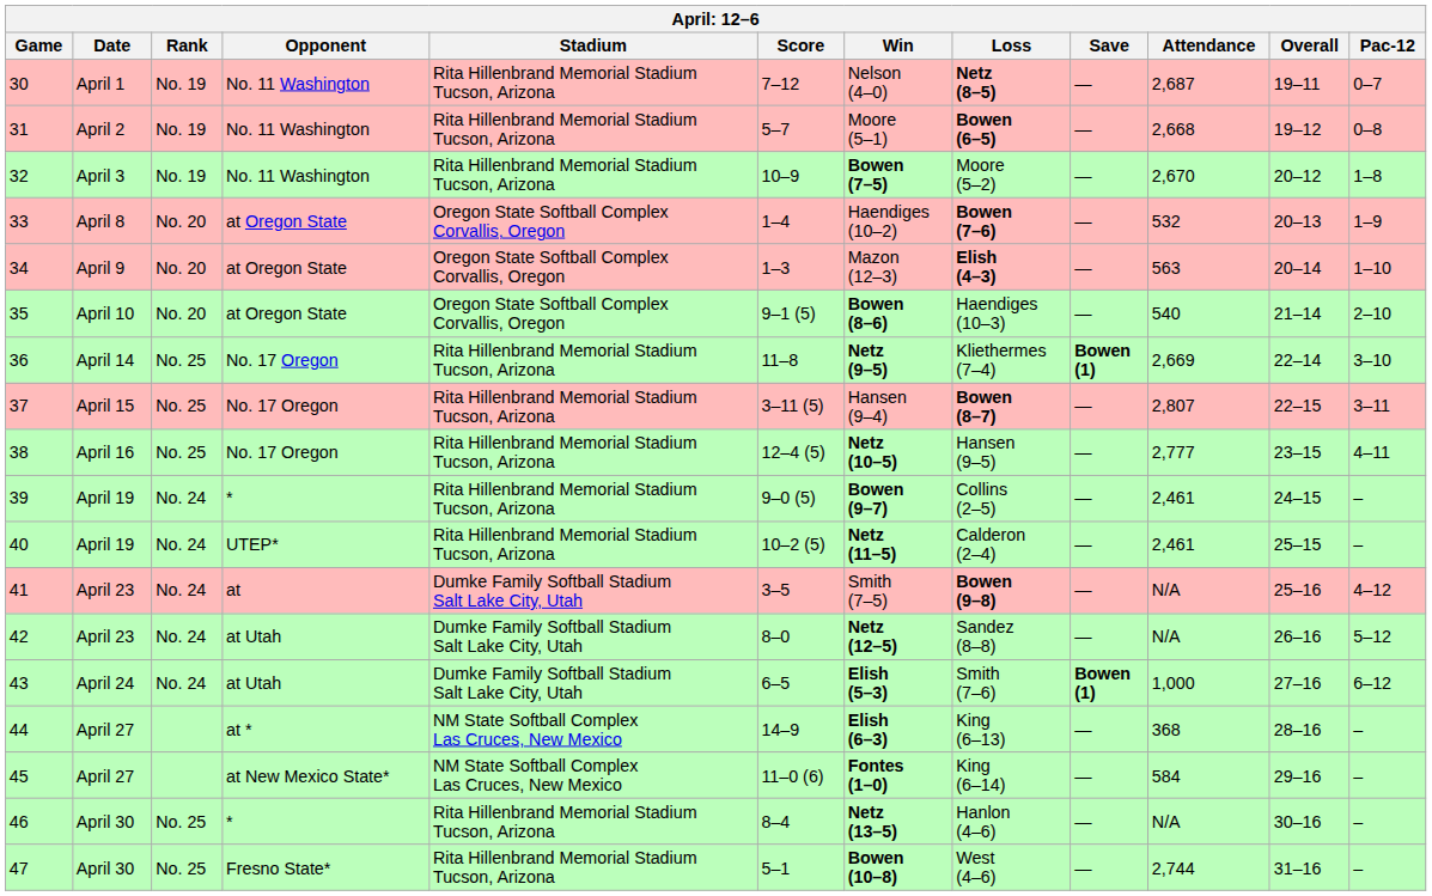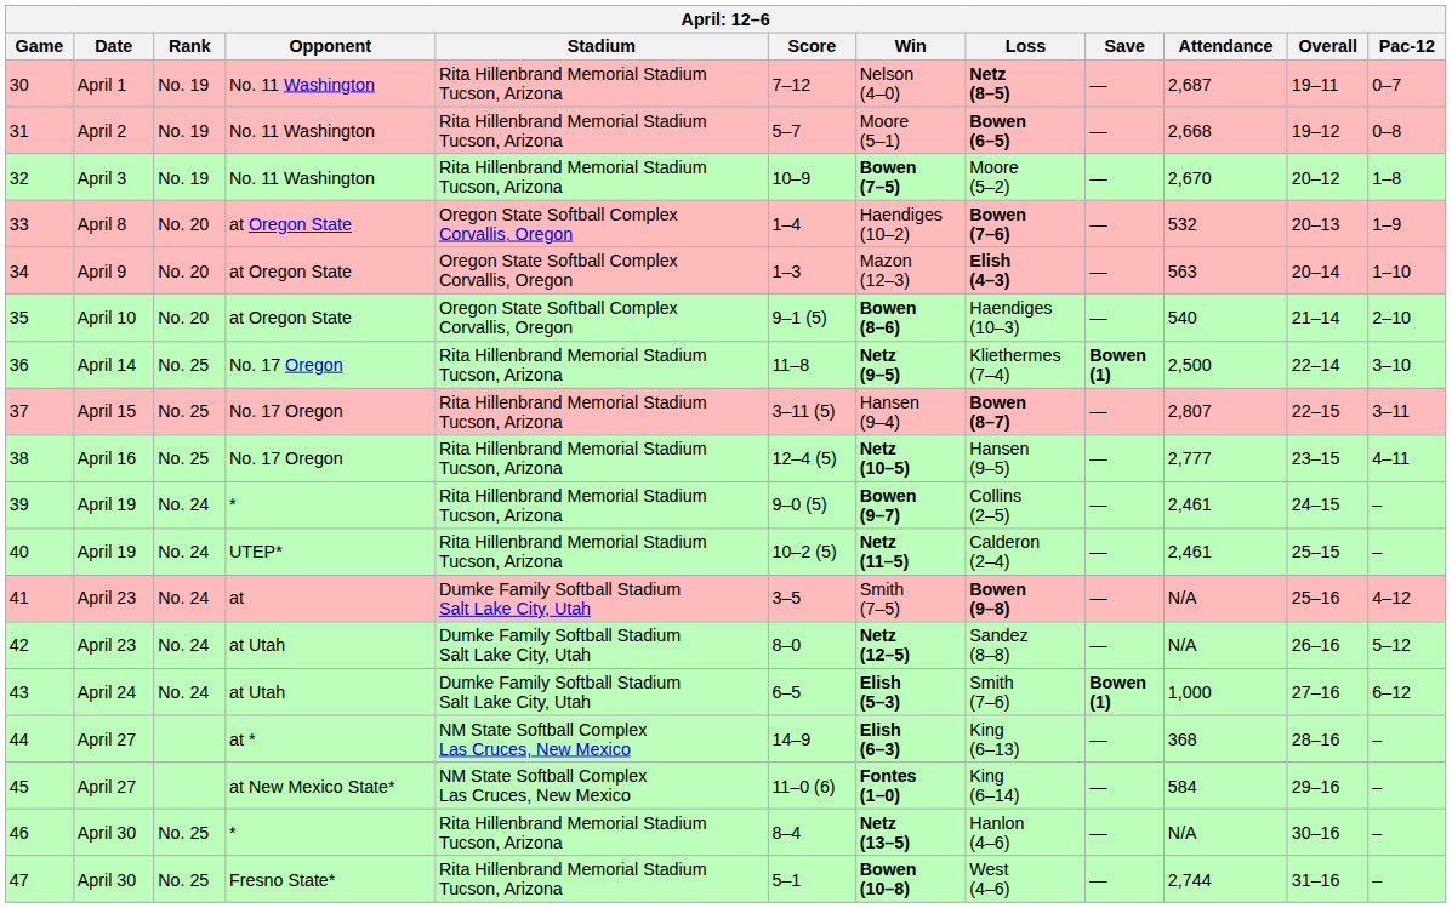 <table class="wikitable collapsible collapsed" style="margin:auto; font-size:95%; width:100%">
 <tr>
 <th colspan=12>April: 12–6</th>
 </tr>
 <tr>
 <th>Game</th>
 <th>Date</th>
 <th>Rank</th>
 <th>Opponent</th>
 <th>Stadium</th>
 <th>Score</th>
 <th>Win</th>
 <th>Loss</th>
 <th>Save</th>
 <th>Attendance</th>
 <th>Overall</th>
 <th>Pac-12</th>
 </tr>
 <tr style="background:#fbb;">
 <td>30</td>
 <td>April 1</td>
 <td>No. 19</td>
 <td>No. 11 <a href='#'>Washington</a></td>
 <td>Rita Hillenbrand Memorial Stadium<br>Tucson, Arizona</td>
 <td>7–12</td>
 <td>Nelson<br>(4–0)</td>
 <td><strong>Netz<br>(8–5)</strong></td>
 <td>—</td>
 <td>2,687</td>
 <td>19–11</td>
 <td>0–7</td>
 </tr>
 <tr style="background:#fbb;">
 <td>31</td>
 <td>April 2</td>
 <td>No. 19</td>
 <td>No. 11 Washington</td>
 <td>Rita Hillenbrand Memorial Stadium<br>Tucson, Arizona</td>
 <td>5–7</td>
 <td>Moore<br>(5–1)</td>
 <td><strong>Bowen<br>(6–5)</strong></td>
 <td>—</td>
 <td>2,668</td>
 <td>19–12</td>
 <td>0–8</td>
 </tr>
 <tr style="background:#bfb;">
 <td>32</td>
 <td>April 3</td>
 <td>No. 19</td>
 <td>No. 11 Washington</td>
 <td>Rita Hillenbrand Memorial Stadium<br>Tucson, Arizona</td>
 <td>10–9</td>
 <td><strong>Bowen<br>(7–5)</strong></td>
 <td>Moore<br>(5–2)</td>
 <td>—</td>
 <td>2,670</td>
 <td>20–12</td>
 <td>1–8</td>
 </tr>
 <tr style="background:#fbb;">
 <td>33</td>
 <td>April 8</td>
 <td>No. 20</td>
 <td>at <a href='#'>Oregon State</a></td>
 <td>Oregon State Softball Complex<br><a href='#'>Corvallis, Oregon</a></td>
 <td>1–4</td>
 <td>Haendiges<br>(10–2)</td>
 <td><strong>Bowen<br>(7–6)</strong></td>
 <td>—</td>
 <td>532</td>
 <td>20–13</td>
 <td>1–9</td>
 </tr>
 <tr style="background:#fbb;">
 <td>34</td>
 <td>April 9</td>
 <td>No. 20</td>
 <td>at Oregon State</td>
 <td>Oregon State Softball Complex<br>Corvallis, Oregon</td>
 <td>1–3</td>
 <td>Mazon<br>(12–3)</td>
 <td><strong>Elish<br>(4–3)</strong></td>
 <td>—</td>
 <td>563</td>
 <td>20–14</td>
 <td>1–10</td>
 </tr>
 <tr style="background:#bfb;">
 <td>35</td>
 <td>April 10</td>
 <td>No. 20</td>
 <td>at Oregon State</td>
 <td>Oregon State Softball Complex<br>Corvallis, Oregon</td>
 <td>9–1 (5)</td>
 <td><strong>Bowen<br>(8–6)</strong></td>
 <td>Haendiges<br>(10–3)</td>
 <td>—</td>
 <td>540</td>
 <td>21–14</td>
 <td>2–10</td>
 </tr>
 <tr style="background:#bfb;">
 <td>36</td>
 <td>April 14</td>
 <td>No. 25</td>
 <td>No. 17 <a href='#'>Oregon</a></td>
 <td>Rita Hillenbrand Memorial Stadium<br>Tucson, Arizona</td>
 <td>11–8</td>
 <td><strong>Netz<br>(9–5)</strong></td>
 <td>Kliethermes<br>(7–4)</td>
 <td><strong>Bowen<br>(1)</strong></td>
-<td>2,669</td>
+<td>2,500</td>
 <td>22–14</td>
 <td>3–10</td>
 </tr>
 <tr style="background:#fbb;">
 <td>37</td>
 <td>April 15</td>
 <td>No. 25</td>
 <td>No. 17 Oregon</td>
 <td>Rita Hillenbrand Memorial Stadium<br>Tucson, Arizona</td>
 <td>3–11 (5)</td>
 <td>Hansen<br>(9–4)</td>
 <td><strong>Bowen<br>(8–7)</strong></td>
 <td>—</td>
 <td>2,807</td>
 <td>22–15</td>
 <td>3–11</td>
 </tr>
 <tr style="background:#bfb;">
 <td>38</td>
 <td>April 16</td>
 <td>No. 25</td>
 <td>No. 17 Oregon</td>
 <td>Rita Hillenbrand Memorial Stadium<br>Tucson, Arizona</td>
 <td>12–4 (5)</td>
 <td><strong>Netz<br>(10–5)</strong></td>
 <td>Hansen<br>(9–5)</td>
 <td>—</td>
 <td>2,777</td>
 <td>23–15</td>
 <td>4–11</td>
 </tr>
 <tr style="background:#bfb;">
 <td>39</td>
 <td>April 19</td>
 <td>No. 24</td>
 <td>*</td>
 <td>Rita Hillenbrand Memorial Stadium<br>Tucson, Arizona</td>
 <td>9–0 (5)</td>
 <td><strong>Bowen<br>(9–7)</strong></td>
 <td>Collins<br>(2–5)</td>
 <td>—</td>
 <td>2,461</td>
 <td>24–15</td>
 <td>–</td>
 </tr>
 <tr style="background:#bfb;">
 <td>40</td>
 <td>April 19</td>
 <td>No. 24</td>
 <td>UTEP*</td>
 <td>Rita Hillenbrand Memorial Stadium<br>Tucson, Arizona</td>
 <td>10–2 (5)</td>
 <td><strong>Netz<br>(11–5)</strong></td>
 <td>Calderon<br>(2–4)</td>
 <td>—</td>
 <td>2,461</td>
 <td>25–15</td>
 <td>–</td>
 </tr>
 <tr style="background:#fbb;">
 <td>41</td>
 <td>April 23<br></td>
 <td>No. 24</td>
 <td>at </td>
 <td>Dumke Family Softball Stadium<br><a href='#'>Salt Lake City, Utah</a></td>
 <td>3–5</td>
 <td>Smith<br>(7–5)</td>
 <td><strong>Bowen<br>(9–8)</strong></td>
 <td>—</td>
 <td>N/A</td>
 <td>25–16</td>
 <td>4–12</td>
 </tr>
 <tr style="background:#bfb;">
 <td>42</td>
 <td>April 23<br></td>
 <td>No. 24</td>
 <td>at Utah</td>
 <td>Dumke Family Softball Stadium<br>Salt Lake City, Utah</td>
 <td>8–0</td>
 <td><strong>Netz<br>(12–5)</strong></td>
 <td>Sandez<br>(8–8)</td>
 <td>—</td>
 <td>N/A</td>
 <td>26–16</td>
 <td>5–12</td>
 </tr>
 <tr style="background:#bfb;">
 <td>43</td>
 <td>April 24</td>
 <td>No. 24</td>
 <td>at Utah</td>
 <td>Dumke Family Softball Stadium<br>Salt Lake City, Utah</td>
 <td>6–5</td>
 <td><strong>Elish<br>(5–3)</strong></td>
 <td>Smith<br>(7–6)</td>
 <td><strong>Bowen<br>(1)</strong></td>
 <td>1,000</td>
 <td>27–16</td>
 <td>6–12</td>
 </tr>
 <tr style="background:#bfb;">
 <td>44</td>
 <td>April 27</td>
 <td></td>
 <td>at *</td>
 <td>NM State Softball Complex<br><a href='#'>Las Cruces, New Mexico</a></td>
 <td>14–9</td>
 <td><strong>Elish<br>(6–3)</strong></td>
 <td>King<br>(6–13)</td>
 <td>—</td>
 <td>368</td>
 <td>28–16</td>
 <td>–</td>
 </tr>
 <tr style="background:#bfb;">
 <td>45</td>
 <td>April 27</td>
 <td></td>
 <td>at New Mexico State*</td>
 <td>NM State Softball Complex<br>Las Cruces, New Mexico</td>
 <td>11–0 (6)</td>
 <td><strong>Fontes<br>(1–0)</strong></td>
 <td>King<br>(6–14)</td>
 <td>—</td>
 <td>584</td>
 <td>29–16</td>
 <td>–</td>
 </tr>
 <tr style="background:#bfb;">
 <td>46</td>
 <td>April 30</td>
 <td>No. 25</td>
 <td>*</td>
 <td>Rita Hillenbrand Memorial Stadium<br>Tucson, Arizona</td>
 <td>8–4</td>
 <td><strong>Netz<br>(13–5)</strong></td>
 <td>Hanlon<br>(4–6)</td>
 <td>—</td>
 <td>N/A</td>
 <td>30–16</td>
 <td>–</td>
 </tr>
 <tr style="background:#bfb;">
 <td>47</td>
 <td>April 30</td>
 <td>No. 25</td>
 <td>Fresno State*</td>
 <td>Rita Hillenbrand Memorial Stadium<br>Tucson, Arizona</td>
 <td>5–1</td>
 <td><strong>Bowen<br>(10–8)</strong></td>
 <td>West<br>(4–6)</td>
 <td>—</td>
 <td>2,744</td>
 <td>31–16</td>
 <td>–</td>
 </tr>
 </table>
